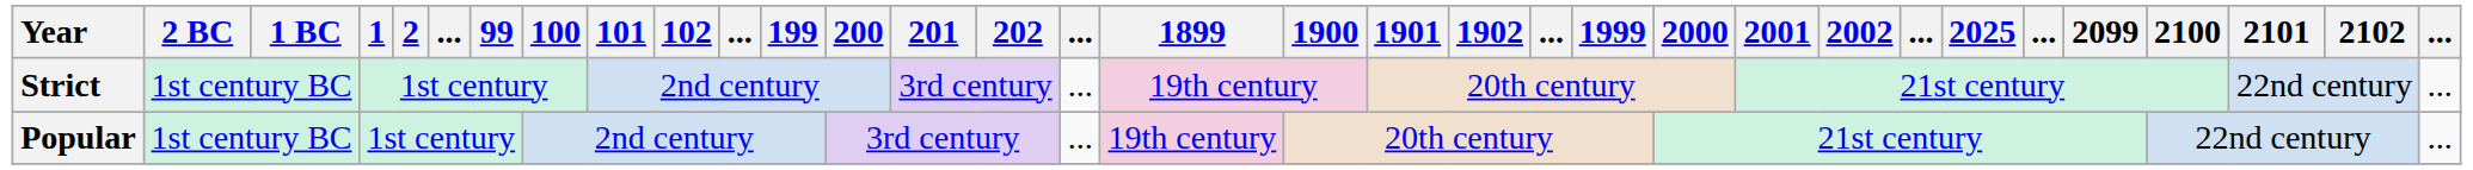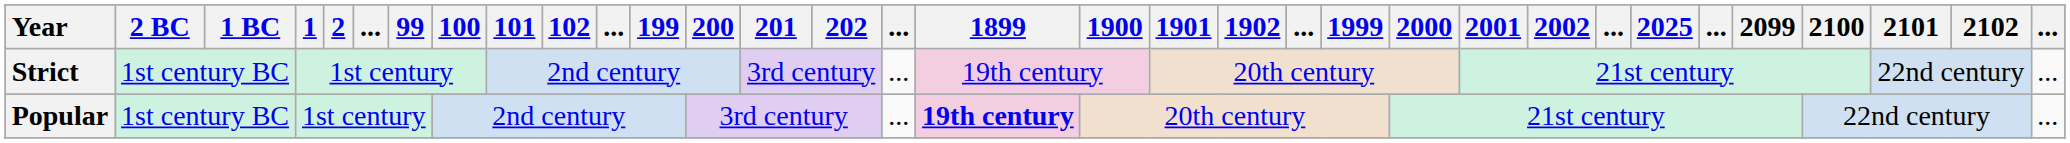 <table class="wikitable" style="text-align:center;margin-left:auto; margin-right:auto; border:none;">
 <tr>
 <th style="text-align:left;">Year</th>
 <th><a href='#'>2 BC</a></th>
 <th><a href='#'>1 BC</a></th>
 <th><a href='#'>1</a></th>
 <th><a href='#'>2</a></th>
 <th>...</th>
 <th><a href='#'>99</a></th>
 <th><a href='#'>100</a></th>
 <th><a href='#'>101</a></th>
 <th><a href='#'>102</a></th>
 <th>...</th>
 <th><a href='#'>199</a></th>
 <th><a href='#'>200</a></th>
 <th><a href='#'>201</a></th>
 <th><a href='#'>202</a></th>
 <th>...</th>
 <th><a href='#'>1899</a></th>
 <th><a href='#'>1900</a></th>
 <th><a href='#'>1901</a></th>
 <th><a href='#'>1902</a></th>
 <th>...</th>
 <th><a href='#'>1999</a></th>
 <th><a href='#'>2000</a></th>
 <th><a href='#'>2001</a></th>
 <th><a href='#'>2002</a></th>
 <th>...</th>
 <th><a href='#'>2025</a></th>
 <th>...</th>
 <th>2099</th>
 <th>2100</th>
 <th>2101</th>
 <th>2102</th>
 <th>...</th>
 </tr>
 <tr>
 <th style="text-align:left;">Strict</th>
 <td colspan="2" style="background-color:#CEF2E0;"><a href='#'>1st century BC</a></td>
 <td colspan="5" style="background-color:#CEF2E0;"><a href='#'>1st century</a></td>
 <td colspan="5" style="background-color:#CEE0F2;"><a href='#'>2nd century</a></td>
 <td colspan="2" style="background-color:#E0CEF2;"><a href='#'>3rd century</a></td>
 <td>...</td>
 <td colspan="2" style="background-color:#F2CEE0;"><a href='#'>19th century</a></td>
 <td colspan="5" style="background-color:#F2E0CE;"><a href='#'>20th century</a></td>
 <td colspan="7" style="background-color:#CEF2E0;"><a href='#'>21st century</a></td>
 <td colspan="2" style="background-color:#CEE0F2;">22nd century</td>
 <td>...</td>
 </tr>
 <tr>
 <th style="text-align:left;">Popular</th>
 <td colspan="2" style="background-color:#CEF2E0;"><a href='#'>1st century BC</a></td>
 <td colspan="4" style="background-color:#CEF2E0;"><a href='#'>1st century</a></td>
 <td colspan="5" style="background-color:#CEE0F2;"><a href='#'>2nd century</a></td>
 <td colspan="3" style="background-color:#E0CEF2;"><a href='#'>3rd century</a></td>
 <td>...</td>
-<td colspan="1" style="background-color:#F2CEE0;"><a href='#'>19th century</a></td>
+<td colspan="1" style="background-color:#F2CEE0;"><strong><a href='#'>19th century</a></strong></td>
 <td colspan="5" style="background-color:#F2E0CE;"><a href='#'>20th century</a></td>
 <td colspan="7" style="background-color:#CEF2E0;"><a href='#'>21st century</a></td>
 <td colspan="3" style="background-color:#CEE0F2;">22nd century</td>
 <td>...</td>
 </tr>
 </table>
